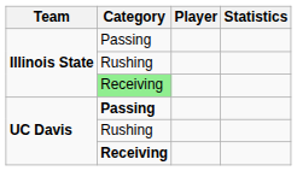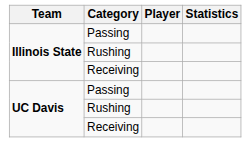 <table class="wikitable" style="float: right;">
 <tr>
 <th>Team</th>
 <th>Category</th>
 <th>Player</th>
 <th>Statistics</th>
 </tr>
 <tr>
 <td rowspan=3><strong>Illinois State</strong></td>
 <td>Passing</td>
 <td></td>
 <td></td>
 </tr>
 <tr>
 <td>Rushing</td>
 <td></td>
 <td></td>
 </tr>
 <tr>
-<td style="background: lightgreen;">Receiving</td>
+<td>Receiving</td>
 <td></td>
 <td></td>
 </tr>
 <tr>
 <td rowspan=3><strong>UC Davis</strong></td>
-<td><strong>Passing</strong></td>
+<td>Passing</td>
 <td></td>
 <td></td>
 </tr>
 <tr>
 <td>Rushing</td>
 <td></td>
 <td></td>
 </tr>
 <tr>
-<td><strong>Receiving</strong></td>
+<td>Receiving</td>
 <td></td>
 <td></td>
 </tr>
 </table>
